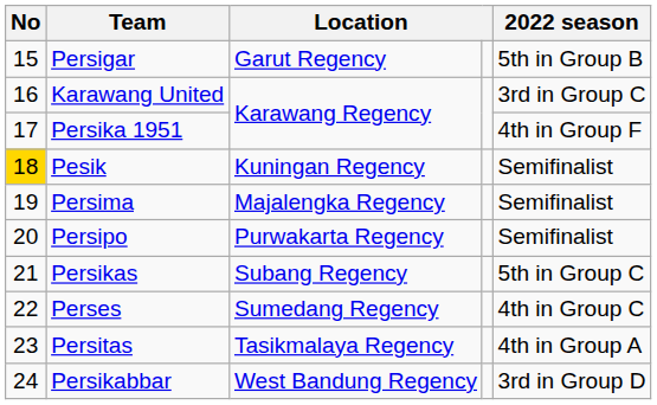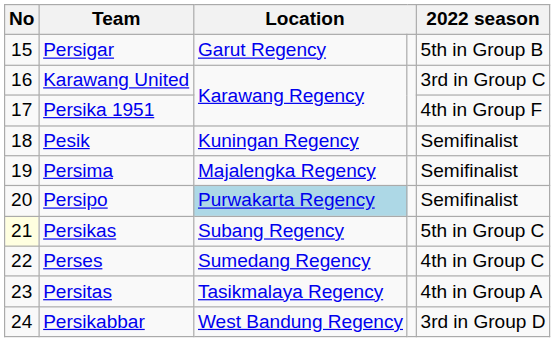 <table class="wikitable">
 <tr>
 <th>No</th>
 <th>Team</th>
 <th colspan=2>Location</th>
 <th>2022 season</th>
 </tr>
 <tr>
 <td align=center>15</td>
 <td><a href='#'>Persigar</a></td>
 <td><a href='#'>Garut Regency</a></td>
 <td></td>
 <td>5th in Group B</td>
 </tr>
 <tr>
 <td align=center>16</td>
 <td><a href='#'>Karawang United</a></td>
 <td rowspan=2><a href='#'>Karawang Regency</a></td>
 <td rowspan=2></td>
 <td>3rd in Group C</td>
 </tr>
 <tr>
 <td align=center>17</td>
 <td><a href='#'>Persika 1951</a></td>
 <td>4th in Group F</td>
 </tr>
 <tr>
-<td align=center style="background: gold;">18</td>
+<td align=center>18</td>
 <td><a href='#'>Pesik</a></td>
 <td><a href='#'>Kuningan Regency</a></td>
 <td></td>
 <td>Semifinalist </td>
 </tr>
 <tr>
 <td align=center>19</td>
 <td><a href='#'>Persima</a></td>
 <td><a href='#'>Majalengka Regency</a></td>
 <td></td>
 <td>Semifinalist </td>
 </tr>
 <tr>
 <td align=center>20</td>
 <td><a href='#'>Persipo</a></td>
-<td><a href='#'>Purwakarta Regency</a></td>
+<td style="background: lightblue;"><a href='#'>Purwakarta Regency</a></td>
 <td></td>
 <td>Semifinalist</td>
 </tr>
 <tr>
-<td align=center>21</td>
+<td align=center style="background: lightyellow;">21</td>
 <td><a href='#'>Persikas</a></td>
 <td><a href='#'>Subang Regency</a></td>
 <td></td>
 <td>5th in Group C</td>
 </tr>
 <tr>
 <td align=center>22</td>
 <td><a href='#'>Perses</a></td>
 <td><a href='#'>Sumedang Regency</a></td>
 <td></td>
 <td>4th in Group C</td>
 </tr>
 <tr>
 <td align=center>23</td>
 <td><a href='#'>Persitas</a></td>
 <td><a href='#'>Tasikmalaya Regency</a></td>
 <td></td>
 <td>4th in Group A</td>
 </tr>
 <tr>
 <td align=center>24</td>
 <td><a href='#'>Persikabbar</a></td>
 <td><a href='#'>West Bandung Regency</a></td>
 <td></td>
 <td>3rd in Group D</td>
 </tr>
 </table>
